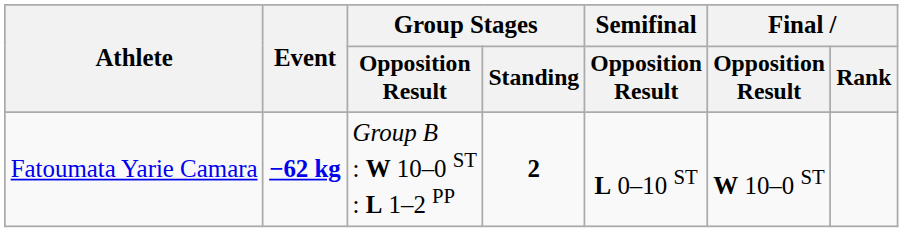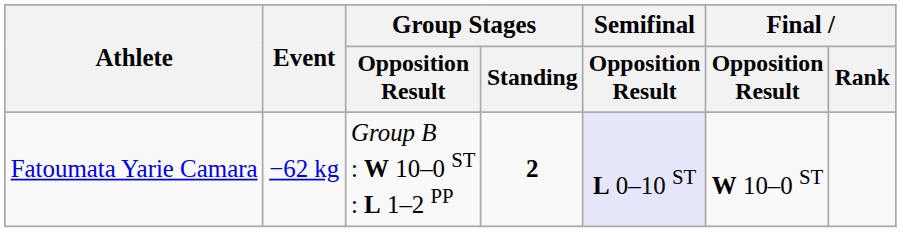 <table class="wikitable" style="font-size:90%">
 <tr>
 <th rowspan=2>Athlete</th>
 <th rowspan=2>Event</th>
 <th colspan=2>Group Stages</th>
 <th>Semifinal</th>
 <th colspan=2>Final / </th>
 </tr>
 <tr style="font-size:95%">
 <th>Opposition<br>Result</th>
 <th>Standing</th>
 <th>Opposition<br>Result</th>
 <th>Opposition<br>Result</th>
 <th>Rank</th>
 </tr>
 <tr align=center>
 <td align=left><a href='#'>Fatoumata Yarie Camara</a></td>
-<td align=left><strong><a href='#'>−62 kg</a></strong></td>
+<td align=left><a href='#'>−62 kg</a></td>
 <td align=left><em>Group B</em><br>: <strong>W</strong> 10–0 <sup>ST</sup><br>: <strong>L</strong> 1–2 <sup>PP</sup></td>
 <td><strong>2</strong></td>
-<td><br><strong>L</strong> 0–10 <sup>ST</sup></td>
+<td style="background: lavender;"><br><strong>L</strong> 0–10 <sup>ST</sup></td>
 <td><br><strong>W</strong> 10–0 <sup>ST</sup></td>
 <td></td>
 </tr>
 </table>
